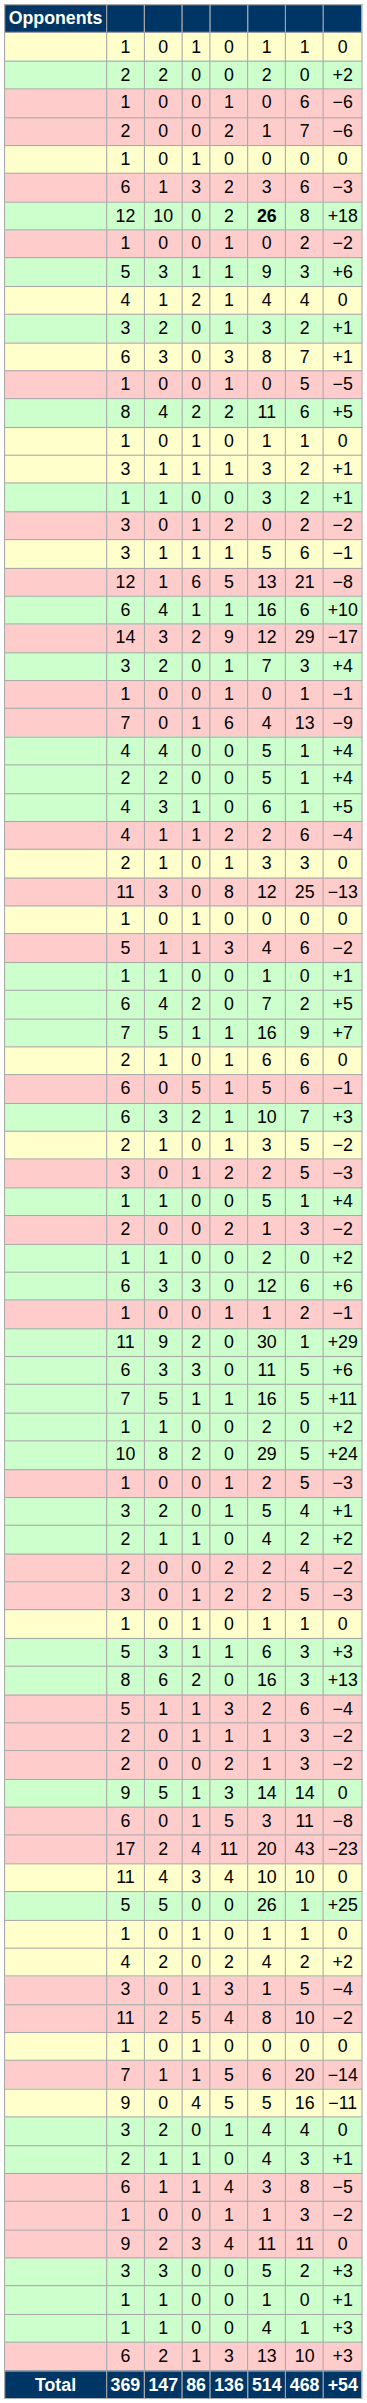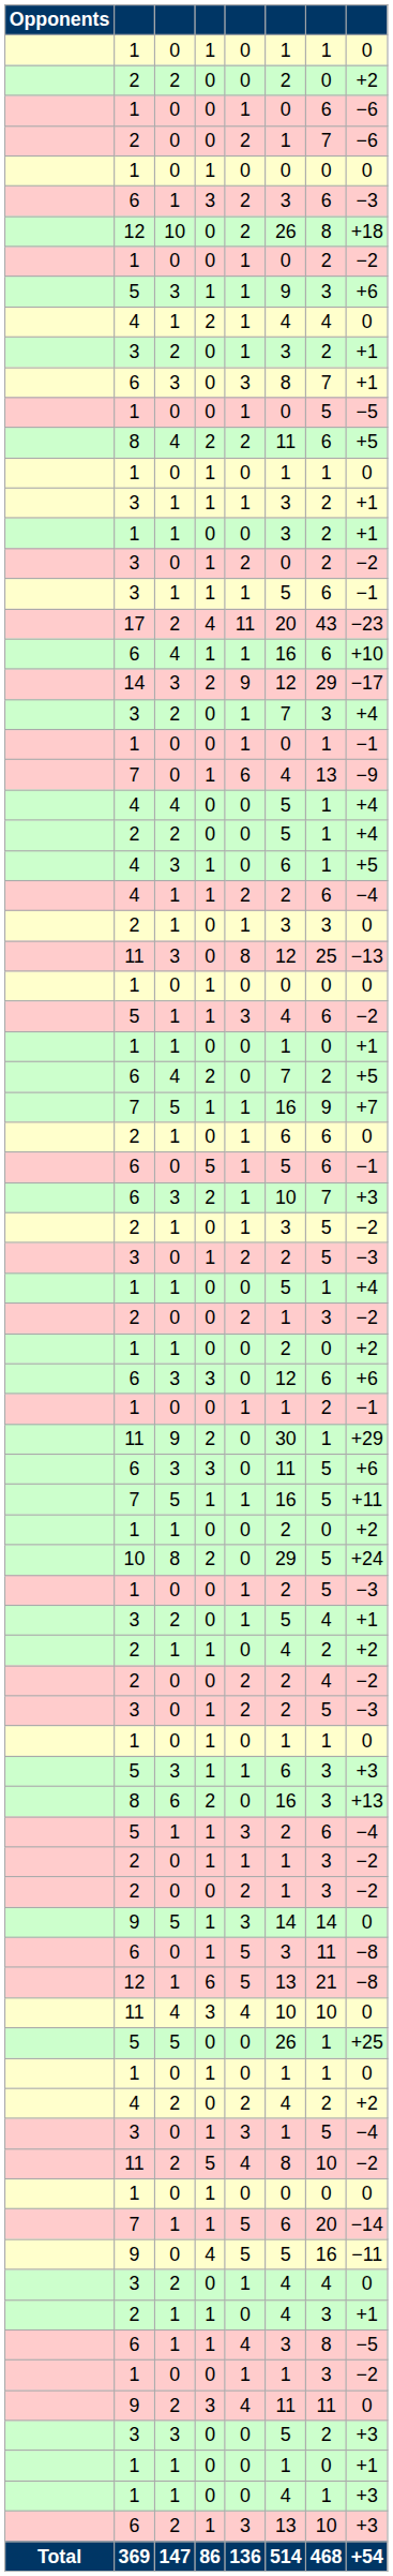 <table class="wikitable sortable collapsible expanded" style="text-align: center; font-size: 100%;">
 <tr style="color:white;">
 <th style="background:#003665; color:white; ">Opponents</th>
 <th style="background:#003665; color:white; "></th>
 <th style="background:#003665; color:white; "></th>
 <th style="background:#003665; color:white; "></th>
 <th style="background:#003665; color:white; "></th>
 <th style="background:#003665; color:white; "></th>
 <th style="background:#003665; color:white; "></th>
 <th style="background:#003665; color:white; "></th>
 </tr>
 <tr bgcolor=#FFFFCC>
 <td align="left"></td>
 <td>1</td>
 <td>0</td>
 <td>1</td>
 <td>0</td>
 <td>1</td>
 <td>1</td>
 <td>0</td>
 </tr>
 <tr bgcolor=#CCFFCC>
 <td align="left"></td>
 <td>2</td>
 <td>2</td>
 <td>0</td>
 <td>0</td>
 <td>2</td>
 <td>0</td>
 <td>+2</td>
 </tr>
 <tr bgcolor=#FFCCCC>
 <td align="left"></td>
 <td>1</td>
 <td>0</td>
 <td>0</td>
 <td>1</td>
 <td>0</td>
 <td>6</td>
 <td>−6</td>
 </tr>
 <tr bgcolor=#FFCCCC>
 <td align="left"></td>
 <td>2</td>
 <td>0</td>
 <td>0</td>
 <td>2</td>
 <td>1</td>
 <td>7</td>
 <td>−6</td>
 </tr>
 <tr bgcolor=#FFFFCC>
 <td align="left"></td>
 <td>1</td>
 <td>0</td>
 <td>1</td>
 <td>0</td>
 <td>0</td>
 <td>0</td>
 <td>0</td>
 </tr>
 <tr bgcolor=#FFCCCC>
 <td align="left"></td>
 <td>6</td>
 <td>1</td>
 <td>3</td>
 <td>2</td>
 <td>3</td>
 <td>6</td>
 <td>−3</td>
 </tr>
 <tr bgcolor=#CCFFCC>
 <td align="left"></td>
 <td>12</td>
 <td>10</td>
 <td>0</td>
 <td>2</td>
-<td><strong>26</strong></td>
+<td>26</td>
 <td>8</td>
 <td>+18</td>
 </tr>
 <tr bgcolor=#FFCCCC>
 <td align="left"></td>
 <td>1</td>
 <td>0</td>
 <td>0</td>
 <td>1</td>
 <td>0</td>
 <td>2</td>
 <td>−2</td>
 </tr>
 <tr bgcolor=#CCFFCC>
 <td align="left"></td>
 <td>5</td>
 <td>3</td>
 <td>1</td>
 <td>1</td>
 <td>9</td>
 <td>3</td>
 <td>+6</td>
 </tr>
 <tr bgcolor=#FFFFCC>
 <td align="left"></td>
 <td>4</td>
 <td>1</td>
 <td>2</td>
 <td>1</td>
 <td>4</td>
 <td>4</td>
 <td>0</td>
 </tr>
 <tr bgcolor=#CCFFCC>
 <td align="left"></td>
 <td>3</td>
 <td>2</td>
 <td>0</td>
 <td>1</td>
 <td>3</td>
 <td>2</td>
 <td>+1</td>
 </tr>
 <tr bgcolor=#FFFFCC>
 <td align="left"></td>
 <td>6</td>
 <td>3</td>
 <td>0</td>
 <td>3</td>
 <td>8</td>
 <td>7</td>
 <td>+1</td>
 </tr>
 <tr bgcolor=#FFCCCC>
 <td align="left"></td>
 <td>1</td>
 <td>0</td>
 <td>0</td>
 <td>1</td>
 <td>0</td>
 <td>5</td>
 <td>−5</td>
 </tr>
 <tr bgcolor=#CCFFCC>
 <td align="left"></td>
 <td>8</td>
 <td>4</td>
 <td>2</td>
 <td>2</td>
 <td>11</td>
 <td>6</td>
 <td>+5</td>
 </tr>
 <tr bgcolor=#FFFFCC>
 <td align="left"></td>
 <td>1</td>
 <td>0</td>
 <td>1</td>
 <td>0</td>
 <td>1</td>
 <td>1</td>
 <td>0</td>
 </tr>
 <tr bgcolor=#FFFFCC>
 <td align="left"></td>
 <td>3</td>
 <td>1</td>
 <td>1</td>
 <td>1</td>
 <td>3</td>
 <td>2</td>
 <td>+1</td>
 </tr>
 <tr bgcolor=#CCFFCC>
 <td align="left"></td>
 <td>1</td>
 <td>1</td>
 <td>0</td>
 <td>0</td>
 <td>3</td>
 <td>2</td>
 <td>+1</td>
 </tr>
 <tr bgcolor=#FFCCCC>
 <td align="left"></td>
 <td>3</td>
 <td>0</td>
 <td>1</td>
 <td>2</td>
 <td>0</td>
 <td>2</td>
 <td>−2</td>
 </tr>
 <tr bgcolor=#FFFFCC>
 <td align="left"></td>
 <td>3</td>
 <td>1</td>
 <td>1</td>
 <td>1</td>
 <td>5</td>
 <td>6</td>
 <td>−1</td>
 </tr>
 <tr bgcolor=#FFCCCC>
 <td align="left"></td>
-<td>12</td>
-<td>1</td>
-<td>6</td>
-<td>5</td>
-<td>13</td>
-<td>21</td>
-<td>−8</td>
+<td>17</td>
+<td>2</td>
+<td>4</td>
+<td>11</td>
+<td>20</td>
+<td>43</td>
+<td>−23</td>
 </tr>
 <tr bgcolor=#CCFFCC>
 <td align="left"></td>
 <td>6</td>
 <td>4</td>
 <td>1</td>
 <td>1</td>
 <td>16</td>
 <td>6</td>
 <td>+10</td>
 </tr>
 <tr bgcolor=#FFCCCC>
 <td align="left"></td>
 <td>14</td>
 <td>3</td>
 <td>2</td>
 <td>9</td>
 <td>12</td>
 <td>29</td>
 <td>−17</td>
 </tr>
 <tr bgcolor=#CCFFCC>
 <td align="left"></td>
 <td>3</td>
 <td>2</td>
 <td>0</td>
 <td>1</td>
 <td>7</td>
 <td>3</td>
 <td>+4</td>
 </tr>
 <tr bgcolor=#FFCCCC>
 <td align="left"></td>
 <td>1</td>
 <td>0</td>
 <td>0</td>
 <td>1</td>
 <td>0</td>
 <td>1</td>
 <td>−1</td>
 </tr>
 <tr bgcolor=#FFCCCC>
 <td align="left"></td>
 <td>7</td>
 <td>0</td>
 <td>1</td>
 <td>6</td>
 <td>4</td>
 <td>13</td>
 <td>−9</td>
 </tr>
 <tr bgcolor=#CCFFCC>
 <td align="left"></td>
 <td>4</td>
 <td>4</td>
 <td>0</td>
 <td>0</td>
 <td>5</td>
 <td>1</td>
 <td>+4</td>
 </tr>
 <tr bgcolor=#CCFFCC>
 <td align="left"></td>
 <td>2</td>
 <td>2</td>
 <td>0</td>
 <td>0</td>
 <td>5</td>
 <td>1</td>
 <td>+4</td>
 </tr>
 <tr bgcolor=#CCFFCC>
 <td align="left"></td>
 <td>4</td>
 <td>3</td>
 <td>1</td>
 <td>0</td>
 <td>6</td>
 <td>1</td>
 <td>+5</td>
 </tr>
 <tr bgcolor=#FFCCCC>
 <td align="left"></td>
 <td>4</td>
 <td>1</td>
 <td>1</td>
 <td>2</td>
 <td>2</td>
 <td>6</td>
 <td>−4</td>
 </tr>
 <tr bgcolor=#FFFFCC>
 <td align="left"></td>
 <td>2</td>
 <td>1</td>
 <td>0</td>
 <td>1</td>
 <td>3</td>
 <td>3</td>
 <td>0</td>
 </tr>
 <tr bgcolor=#FFCCCC>
 <td align="left"></td>
 <td>11</td>
 <td>3</td>
 <td>0</td>
 <td>8</td>
 <td>12</td>
 <td>25</td>
 <td>−13</td>
 </tr>
 <tr bgcolor=#FFFFCC>
 <td align="left"></td>
 <td>1</td>
 <td>0</td>
 <td>1</td>
 <td>0</td>
 <td>0</td>
 <td>0</td>
 <td>0</td>
 </tr>
 <tr bgcolor=#FFCCCC>
 <td align="left"></td>
 <td>5</td>
 <td>1</td>
 <td>1</td>
 <td>3</td>
 <td>4</td>
 <td>6</td>
 <td>−2</td>
 </tr>
 <tr bgcolor=#CCFFCC>
 <td align="left"></td>
 <td>1</td>
 <td>1</td>
 <td>0</td>
 <td>0</td>
 <td>1</td>
 <td>0</td>
 <td>+1</td>
 </tr>
 <tr bgcolor=#CCFFCC>
 <td align="left"></td>
 <td>6</td>
 <td>4</td>
 <td>2</td>
 <td>0</td>
 <td>7</td>
 <td>2</td>
 <td>+5</td>
 </tr>
 <tr bgcolor=#CCFFCC>
 <td align="left"></td>
 <td>7</td>
 <td>5</td>
 <td>1</td>
 <td>1</td>
 <td>16</td>
 <td>9</td>
 <td>+7</td>
 </tr>
 <tr bgcolor=#FFFFCC>
 <td align="left"></td>
 <td>2</td>
 <td>1</td>
 <td>0</td>
 <td>1</td>
 <td>6</td>
 <td>6</td>
 <td>0</td>
 </tr>
 <tr bgcolor=#FFCCCC>
 <td align="left"></td>
 <td>6</td>
 <td>0</td>
 <td>5</td>
 <td>1</td>
 <td>5</td>
 <td>6</td>
 <td>−1</td>
 </tr>
 <tr bgcolor=#CCFFCC>
 <td align="left"></td>
 <td>6</td>
 <td>3</td>
 <td>2</td>
 <td>1</td>
 <td>10</td>
 <td>7</td>
 <td>+3</td>
 </tr>
 <tr bgcolor=#FFFFCC>
 <td align="left"></td>
 <td>2</td>
 <td>1</td>
 <td>0</td>
 <td>1</td>
 <td>3</td>
 <td>5</td>
 <td>−2</td>
 </tr>
 <tr bgcolor=#FFCCCC>
 <td align="left"></td>
 <td>3</td>
 <td>0</td>
 <td>1</td>
 <td>2</td>
 <td>2</td>
 <td>5</td>
 <td>−3</td>
 </tr>
 <tr bgcolor=#CCFFCC>
 <td align="left"></td>
 <td>1</td>
 <td>1</td>
 <td>0</td>
 <td>0</td>
 <td>5</td>
 <td>1</td>
 <td>+4</td>
 </tr>
 <tr bgcolor=#FFCCCC>
 <td align="left"></td>
 <td>2</td>
 <td>0</td>
 <td>0</td>
 <td>2</td>
 <td>1</td>
 <td>3</td>
 <td>−2</td>
 </tr>
 <tr bgcolor=#CCFFCC>
 <td align="left"></td>
 <td>1</td>
 <td>1</td>
 <td>0</td>
 <td>0</td>
 <td>2</td>
 <td>0</td>
 <td>+2</td>
 </tr>
 <tr bgcolor=#CCFFCC>
 <td align="left"></td>
 <td>6</td>
 <td>3</td>
 <td>3</td>
 <td>0</td>
 <td>12</td>
 <td>6</td>
 <td>+6</td>
 </tr>
 <tr bgcolor=#FFCCCC>
 <td align="left"></td>
 <td>1</td>
 <td>0</td>
 <td>0</td>
 <td>1</td>
 <td>1</td>
 <td>2</td>
 <td>−1</td>
 </tr>
 <tr bgcolor=#CCFFCC>
 <td align="left"></td>
 <td>11</td>
 <td>9</td>
 <td>2</td>
 <td>0</td>
 <td>30</td>
 <td>1</td>
 <td>+29</td>
 </tr>
 <tr bgcolor=#CCFFCC>
 <td align="left"></td>
 <td>6</td>
 <td>3</td>
 <td>3</td>
 <td>0</td>
 <td>11</td>
 <td>5</td>
 <td>+6</td>
 </tr>
 <tr bgcolor=#CCFFCC>
 <td align="left"></td>
 <td>7</td>
 <td>5</td>
 <td>1</td>
 <td>1</td>
 <td>16</td>
 <td>5</td>
 <td>+11</td>
 </tr>
 <tr bgcolor=#CCFFCC>
 <td align="left"></td>
 <td>1</td>
 <td>1</td>
 <td>0</td>
 <td>0</td>
 <td>2</td>
 <td>0</td>
 <td>+2</td>
 </tr>
 <tr bgcolor=#CCFFCC>
 <td align="left"></td>
 <td>10</td>
 <td>8</td>
 <td>2</td>
 <td>0</td>
 <td>29</td>
 <td>5</td>
 <td>+24</td>
 </tr>
 <tr bgcolor=#FFCCCC>
 <td align="left"></td>
 <td>1</td>
 <td>0</td>
 <td>0</td>
 <td>1</td>
 <td>2</td>
 <td>5</td>
 <td>−3</td>
 </tr>
 <tr bgcolor=#CCFFCC>
 <td align="left"></td>
 <td>3</td>
 <td>2</td>
 <td>0</td>
 <td>1</td>
 <td>5</td>
 <td>4</td>
 <td>+1</td>
 </tr>
 <tr bgcolor=#CCFFCC>
 <td align="left"></td>
 <td>2</td>
 <td>1</td>
 <td>1</td>
 <td>0</td>
 <td>4</td>
 <td>2</td>
 <td>+2</td>
 </tr>
 <tr bgcolor=#FFCCCC>
 <td align="left"></td>
 <td>2</td>
 <td>0</td>
 <td>0</td>
 <td>2</td>
 <td>2</td>
 <td>4</td>
 <td>−2</td>
 </tr>
 <tr bgcolor=#FFCCCC>
 <td align="left"></td>
 <td>3</td>
 <td>0</td>
 <td>1</td>
 <td>2</td>
 <td>2</td>
 <td>5</td>
 <td>−3</td>
 </tr>
 <tr bgcolor=#FFFFCC>
 <td align="left"></td>
 <td>1</td>
 <td>0</td>
 <td>1</td>
 <td>0</td>
 <td>1</td>
 <td>1</td>
 <td>0</td>
 </tr>
 <tr bgcolor=#CCFFCC>
 <td align="left"></td>
 <td>5</td>
 <td>3</td>
 <td>1</td>
 <td>1</td>
 <td>6</td>
 <td>3</td>
 <td>+3</td>
 </tr>
 <tr bgcolor=#CCFFCC>
 <td align="left"></td>
 <td>8</td>
 <td>6</td>
 <td>2</td>
 <td>0</td>
 <td>16</td>
 <td>3</td>
 <td>+13</td>
 </tr>
 <tr bgcolor=#FFCCCC>
 <td align="left"></td>
 <td>5</td>
 <td>1</td>
 <td>1</td>
 <td>3</td>
 <td>2</td>
 <td>6</td>
 <td>−4</td>
 </tr>
 <tr bgcolor=#FFCCCC>
 <td align="left"></td>
 <td>2</td>
 <td>0</td>
 <td>1</td>
 <td>1</td>
 <td>1</td>
 <td>3</td>
 <td>−2</td>
 </tr>
 <tr bgcolor=#FFCCCC>
 <td align="left"></td>
 <td>2</td>
 <td>0</td>
 <td>0</td>
 <td>2</td>
 <td>1</td>
 <td>3</td>
 <td>−2</td>
 </tr>
 <tr bgcolor=#CCFFCC>
 <td align="left"></td>
 <td>9</td>
 <td>5</td>
 <td>1</td>
 <td>3</td>
 <td>14</td>
 <td>14</td>
 <td>0</td>
 </tr>
 <tr bgcolor=#FFCCCC>
 <td align="left"></td>
 <td>6</td>
 <td>0</td>
 <td>1</td>
 <td>5</td>
 <td>3</td>
 <td>11</td>
 <td>−8</td>
 </tr>
 <tr bgcolor=#FFCCCC>
 <td align="left"></td>
-<td>17</td>
-<td>2</td>
-<td>4</td>
-<td>11</td>
-<td>20</td>
-<td>43</td>
-<td>−23</td>
+<td>12</td>
+<td>1</td>
+<td>6</td>
+<td>5</td>
+<td>13</td>
+<td>21</td>
+<td>−8</td>
 </tr>
 <tr bgcolor=#FFFFCC>
 <td align="left"></td>
 <td>11</td>
 <td>4</td>
 <td>3</td>
 <td>4</td>
 <td>10</td>
 <td>10</td>
 <td>0</td>
 </tr>
 <tr bgcolor=#CCFFCC>
 <td align="left"></td>
 <td>5</td>
 <td>5</td>
 <td>0</td>
 <td>0</td>
 <td>26</td>
 <td>1</td>
 <td>+25</td>
 </tr>
 <tr bgcolor=#FFFFCC>
 <td align="left"></td>
 <td>1</td>
 <td>0</td>
 <td>1</td>
 <td>0</td>
 <td>1</td>
 <td>1</td>
 <td>0</td>
 </tr>
 <tr bgcolor=#FFFFCC>
 <td align="left"></td>
 <td>4</td>
 <td>2</td>
 <td>0</td>
 <td>2</td>
 <td>4</td>
 <td>2</td>
 <td>+2</td>
 </tr>
 <tr bgcolor=#FFCCCC>
 <td align="left"><em></em></td>
 <td>3</td>
 <td>0</td>
 <td>1</td>
 <td>3</td>
 <td>1</td>
 <td>5</td>
 <td>−4</td>
 </tr>
 <tr bgcolor=#FFCCCC>
 <td align="left"></td>
 <td>11</td>
 <td>2</td>
 <td>5</td>
 <td>4</td>
 <td>8</td>
 <td>10</td>
 <td>−2</td>
 </tr>
 <tr bgcolor=#FFFFCC>
 <td align="left"></td>
 <td>1</td>
 <td>0</td>
 <td>1</td>
 <td>0</td>
 <td>0</td>
 <td>0</td>
 <td>0</td>
 </tr>
 <tr bgcolor=#FFCCCC>
 <td align="left"></td>
 <td>7</td>
 <td>1</td>
 <td>1</td>
 <td>5</td>
 <td>6</td>
 <td>20</td>
 <td>−14</td>
 </tr>
 <tr bgcolor=#FFFFCC>
 <td align="left"></td>
 <td>9</td>
 <td>0</td>
 <td>4</td>
 <td>5</td>
 <td>5</td>
 <td>16</td>
 <td>−11</td>
 </tr>
 <tr bgcolor=#CCFFCC>
 <td align="left"></td>
 <td>3</td>
 <td>2</td>
 <td>0</td>
 <td>1</td>
 <td>4</td>
 <td>4</td>
 <td>0</td>
 </tr>
 <tr bgcolor=#CCFFCC>
 <td align="left"></td>
 <td>2</td>
 <td>1</td>
 <td>1</td>
 <td>0</td>
 <td>4</td>
 <td>3</td>
 <td>+1</td>
 </tr>
 <tr bgcolor=#FFCCCC>
 <td align="left"></td>
 <td>6</td>
 <td>1</td>
 <td>1</td>
 <td>4</td>
 <td>3</td>
 <td>8</td>
 <td>−5</td>
 </tr>
 <tr bgcolor=#FFCCCC>
 <td align="left"></td>
 <td>1</td>
 <td>0</td>
 <td>0</td>
 <td>1</td>
 <td>1</td>
 <td>3</td>
 <td>−2</td>
 </tr>
 <tr bgcolor=#FFCCCC>
 <td align="left"></td>
 <td>9</td>
 <td>2</td>
 <td>3</td>
 <td>4</td>
 <td>11</td>
 <td>11</td>
 <td>0</td>
 </tr>
 <tr bgcolor=#CCFFCC>
 <td align="left"></td>
 <td>3</td>
 <td>3</td>
 <td>0</td>
 <td>0</td>
 <td>5</td>
 <td>2</td>
 <td>+3</td>
 </tr>
 <tr bgcolor=#CCFFCC>
 <td align="left"></td>
 <td>1</td>
 <td>1</td>
 <td>0</td>
 <td>0</td>
 <td>1</td>
 <td>0</td>
 <td>+1</td>
 </tr>
 <tr bgcolor=#CCFFCC>
 <td align="left"></td>
 <td>1</td>
 <td>1</td>
 <td>0</td>
 <td>0</td>
 <td>4</td>
 <td>1</td>
 <td>+3</td>
 </tr>
 <tr bgcolor=#FFCCCC>
 <td align="left"></td>
 <td>6</td>
 <td>2</td>
 <td>1</td>
 <td>3</td>
 <td>13</td>
 <td>10</td>
 <td>+3</td>
 </tr>
 <tr class="sortbottom">
 <td colspan="1" style="background:#003665; color:white; "><strong>Total </strong></td>
 <td style="background:#003665; color:white; "><strong>369</strong></td>
 <td style="background:#003665; color:white; "><strong>147</strong></td>
 <td style="background:#003665; color:white; "><strong>86</strong></td>
 <td style="background:#003665; color:white; "><strong>136</strong></td>
 <td style="background:#003665; color:white; "><strong>514</strong></td>
 <td style="background:#003665; color:white; "><strong>468</strong></td>
 <td style="background:#003665; color:white; "><strong>+54</strong></td>
 </tr>
 </table>
